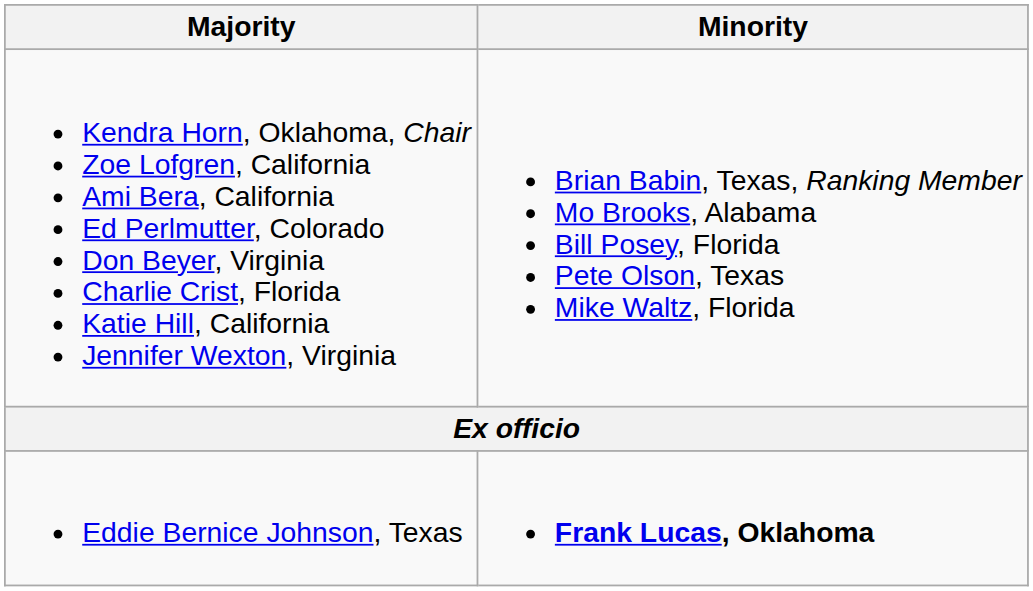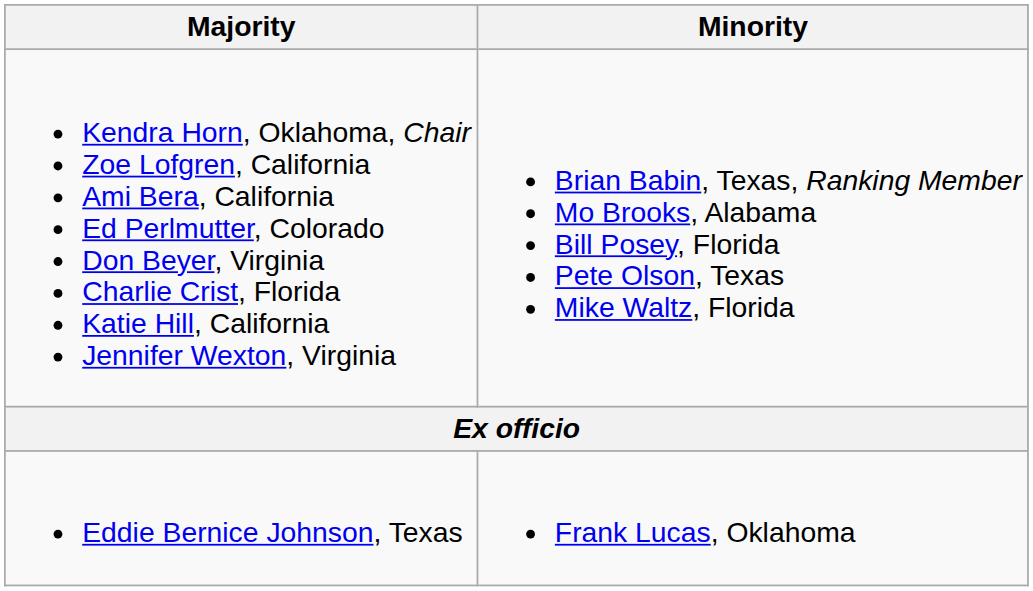 <table class=wikitable>
 <tr>
 <th>Majority</th>
 <th>Minority</th>
 </tr>
 <tr>
 <td><br><ul><li><a href='#'>Kendra Horn</a>, Oklahoma, <em>Chair</em></li><li><a href='#'>Zoe Lofgren</a>, California</li><li><a href='#'>Ami Bera</a>, California</li><li><a href='#'>Ed Perlmutter</a>, Colorado</li><li><a href='#'>Don Beyer</a>, Virginia</li><li><a href='#'>Charlie Crist</a>, Florida</li><li><a href='#'>Katie Hill</a>, California</li><li><a href='#'>Jennifer Wexton</a>, Virginia</li></ul></td>
 <td><br><ul><li><a href='#'>Brian Babin</a>, Texas, <em>Ranking Member</em></li><li><a href='#'>Mo Brooks</a>, Alabama</li><li><a href='#'>Bill Posey</a>, Florida</li><li><a href='#'>Pete Olson</a>, Texas</li><li><a href='#'>Mike Waltz</a>, Florida</li></ul></td>
 </tr>
 <tr>
 <th colspan=2><em>Ex officio</em></th>
 </tr>
 <tr>
 <td><br><ul><li><a href='#'>Eddie Bernice Johnson</a>, Texas</li></ul></td>
-<td><strong><br><ul><li><a href='#'>Frank Lucas</a>, Oklahoma</li></ul></strong></td>
+<td><br><ul><li><a href='#'>Frank Lucas</a>, Oklahoma</li></ul></td>
 </tr>
 </table>
